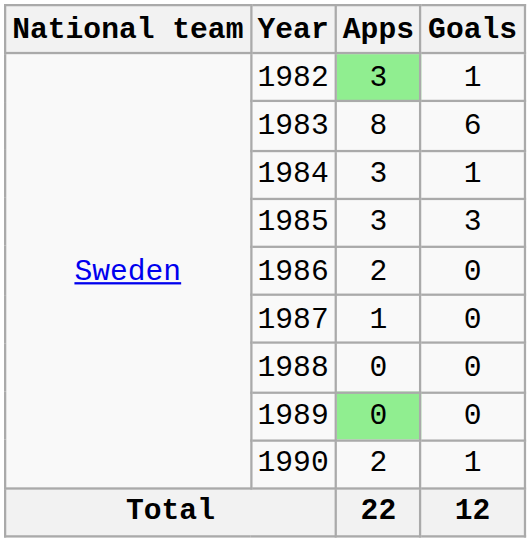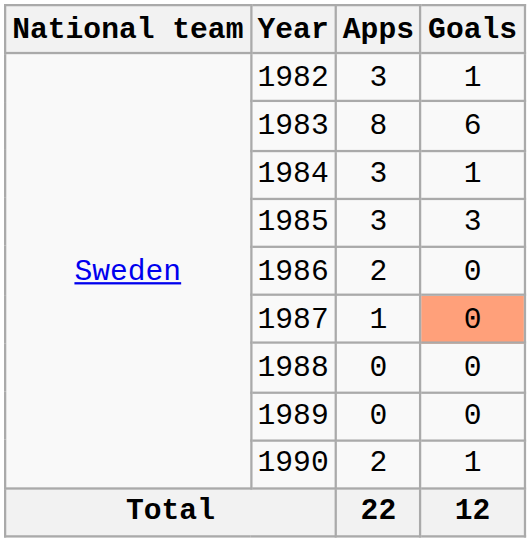 <table class="wikitable" style="text-align:center">
 <tr>
 <th>National team</th>
 <th>Year</th>
 <th>Apps</th>
 <th>Goals</th>
 </tr>
 <tr>
 <td rowspan="9"><a href='#'>Sweden</a></td>
 <td>1982</td>
-<td style="background: lightgreen;">3</td>
+<td>3</td>
 <td>1</td>
 </tr>
 <tr>
 <td>1983</td>
 <td>8</td>
 <td>6</td>
 </tr>
 <tr>
 <td>1984</td>
 <td>3</td>
 <td>1</td>
 </tr>
 <tr>
 <td>1985</td>
 <td>3</td>
 <td>3</td>
 </tr>
 <tr>
 <td>1986</td>
 <td>2</td>
 <td>0</td>
 </tr>
 <tr>
 <td>1987</td>
 <td>1</td>
-<td>0</td>
+<td style="background: lightsalmon;">0</td>
 </tr>
 <tr>
 <td>1988</td>
 <td>0</td>
 <td>0</td>
 </tr>
 <tr>
 <td>1989</td>
-<td style="background: lightgreen;">0</td>
+<td>0</td>
 <td>0</td>
 </tr>
 <tr>
 <td>1990</td>
 <td>2</td>
 <td>1</td>
 </tr>
 <tr>
 <th colspan="2">Total</th>
 <th>22</th>
 <th>12</th>
 </tr>
 </table>
